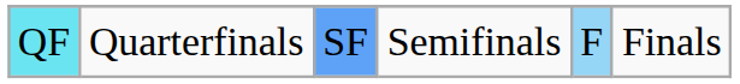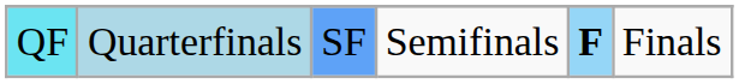 <table class="wikitable" style="margin:0.5em auto; font-size:90%; line-height:1.25em;">
 <tr>
 </tr>
 <tr>
 <td bgcolor="#6be4f2" align=center>QF</td>
-<td>Quarterfinals</td>
+<td style="background: lightblue;">Quarterfinals</td>
 <td bgcolor="#5ea2f7" align=center>SF</td>
 <td>Semifinals</td>
-<td bgcolor="#95d6f7" align=center>F</td>
+<td bgcolor="#95d6f7" align=center><strong>F</strong></td>
 <td>Finals</td>
 </tr>
 </table>
